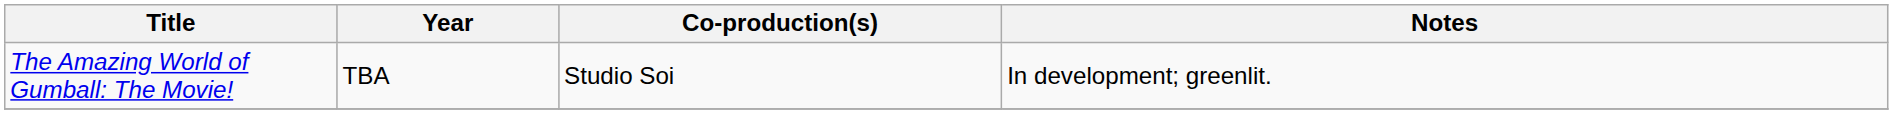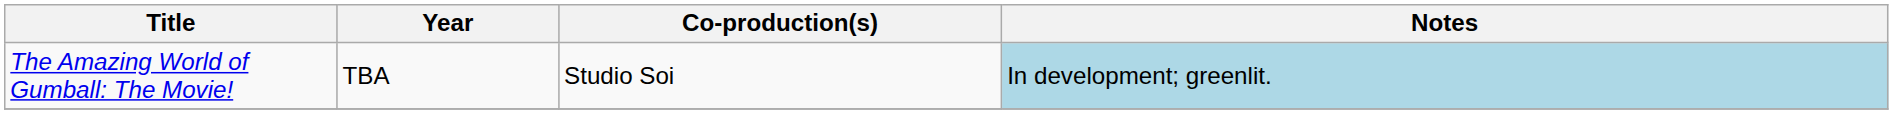 <table class="wikitable sortable" style="width: auto; style="width:100%" table-layout: fixed;" |>
 <tr>
 <th style="width:15%;">Title</th>
 <th style="width:10%;">Year</th>
 <th style="width:20%;">Co-production(s)</th>
 <th style="width:40%;">Notes</th>
 </tr>
 <tr>
 <td><em><a href='#'>The Amazing World of Gumball: The Movie!</a></em></td>
 <td>TBA</td>
 <td>Studio Soi</td>
-<td>In development; greenlit.</td>
+<td style="background: lightblue;">In development; greenlit.</td>
 </tr>
 <tr>
 </tr>
 </table>
